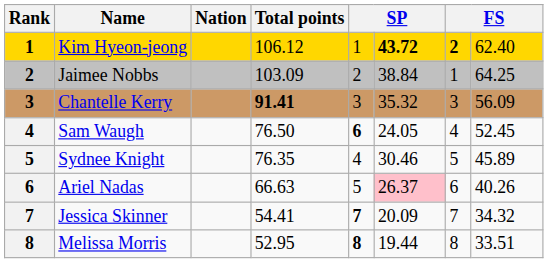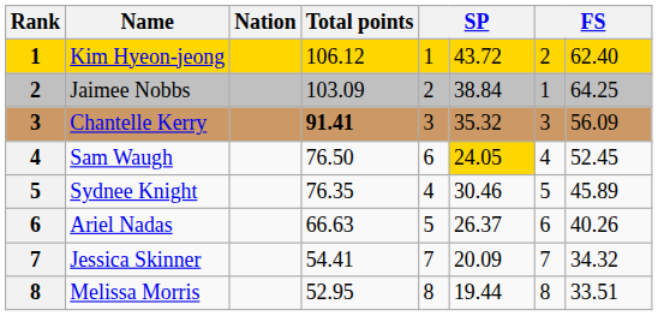 <table class="wikitable sortable">
 <tr>
 <th>Rank</th>
 <th>Name</th>
 <th>Nation</th>
 <th>Total points</th>
 <th colspan="2" width="80px"><a href='#'>SP</a></th>
 <th colspan="2" width="80px"><a href='#'>FS</a></th>
 </tr>
 <tr bgcolor="gold">
 <td align="center"><strong>1</strong></td>
 <td><a href='#'>Kim Hyeon-jeong</a></td>
 <td></td>
 <td>106.12</td>
 <td>1</td>
-<td><strong>43.72</strong></td>
-<td><strong>2</strong></td>
+<td>43.72</td>
+<td>2</td>
 <td>62.40</td>
 </tr>
 <tr bgcolor="silver">
 <td align="center"><strong>2</strong></td>
 <td>Jaimee Nobbs</td>
 <td></td>
 <td>103.09</td>
 <td>2</td>
 <td>38.84</td>
 <td>1</td>
 <td>64.25</td>
 </tr>
 <tr bgcolor="cc9966">
 <td align="center"><strong>3</strong></td>
 <td><a href='#'>Chantelle Kerry</a></td>
 <td></td>
 <td><strong>91.41</strong></td>
 <td>3</td>
 <td>35.32</td>
 <td>3</td>
 <td>56.09</td>
 </tr>
 <tr>
 <th>4</th>
 <td><a href='#'>Sam Waugh</a></td>
 <td></td>
 <td>76.50</td>
-<td><strong>6</strong></td>
-<td>24.05</td>
+<td>6</td>
+<td style="background: gold;">24.05</td>
 <td>4</td>
 <td>52.45</td>
 </tr>
 <tr>
 <th>5</th>
 <td><a href='#'>Sydnee Knight</a></td>
 <td></td>
 <td>76.35</td>
 <td>4</td>
 <td>30.46</td>
 <td>5</td>
 <td>45.89</td>
 </tr>
 <tr>
 <th>6</th>
 <td><a href='#'>Ariel Nadas</a></td>
 <td></td>
 <td>66.63</td>
 <td>5</td>
-<td style="background: pink;">26.37</td>
+<td>26.37</td>
 <td>6</td>
 <td>40.26</td>
 </tr>
 <tr>
 <th>7</th>
 <td><a href='#'>Jessica Skinner</a></td>
 <td></td>
 <td>54.41</td>
-<td><strong>7</strong></td>
+<td>7</td>
 <td>20.09</td>
 <td>7</td>
 <td>34.32</td>
 </tr>
 <tr>
 <th>8</th>
 <td><a href='#'>Melissa Morris</a></td>
 <td></td>
 <td>52.95</td>
-<td><strong>8</strong></td>
+<td>8</td>
 <td>19.44</td>
 <td>8</td>
 <td>33.51</td>
 </tr>
 </table>
